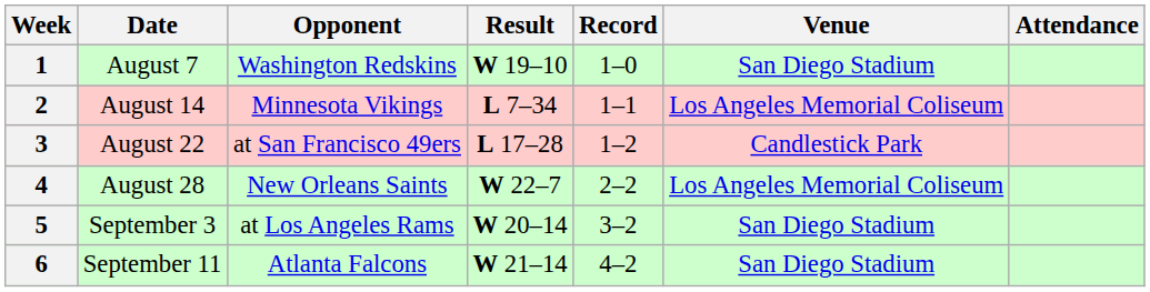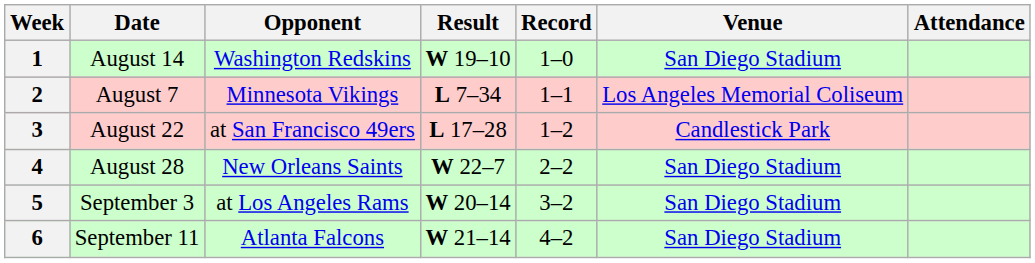 <table class="wikitable" style="text-align:center">
 <tr>
 <th>Week</th>
 <th>Date</th>
 <th>Opponent</th>
 <th>Result</th>
 <th>Record</th>
 <th>Venue</th>
 <th>Attendance</th>
 </tr>
 <tr style="background:#cfc">
 <th>1</th>
-<td>August 7</td>
+<td>August 14</td>
 <td><a href='#'>Washington Redskins</a></td>
 <td><strong>W</strong> 19–10</td>
 <td>1–0</td>
 <td><a href='#'>San Diego Stadium</a></td>
 <td></td>
 </tr>
 <tr style="background:#fcc">
 <th>2</th>
-<td>August 14</td>
+<td>August 7</td>
 <td><a href='#'>Minnesota Vikings</a></td>
 <td><strong>L</strong> 7–34</td>
 <td>1–1</td>
 <td><a href='#'>Los Angeles Memorial Coliseum</a></td>
 <td></td>
 </tr>
 <tr style="background:#fcc">
 <th>3</th>
 <td>August 22</td>
 <td>at <a href='#'>San Francisco 49ers</a></td>
 <td><strong>L</strong> 17–28</td>
 <td>1–2</td>
 <td><a href='#'>Candlestick Park</a></td>
 <td></td>
 </tr>
 <tr style="background:#cfc">
 <th>4</th>
 <td>August 28</td>
 <td><a href='#'>New Orleans Saints</a></td>
 <td><strong>W</strong> 22–7</td>
 <td>2–2</td>
-<td><a href='#'>Los Angeles Memorial Coliseum</a></td>
+<td><a href='#'>San Diego Stadium</a></td>
 <td></td>
 </tr>
 <tr style="background:#cfc">
 <th>5</th>
 <td>September 3</td>
 <td>at <a href='#'>Los Angeles Rams</a></td>
 <td><strong>W</strong> 20–14</td>
 <td>3–2</td>
 <td><a href='#'>San Diego Stadium</a></td>
 <td></td>
 </tr>
 <tr style="background:#cfc">
 <th>6</th>
 <td>September 11</td>
 <td><a href='#'>Atlanta Falcons</a></td>
 <td><strong>W</strong> 21–14</td>
 <td>4–2</td>
 <td><a href='#'>San Diego Stadium</a></td>
 <td></td>
 </tr>
 </table>
